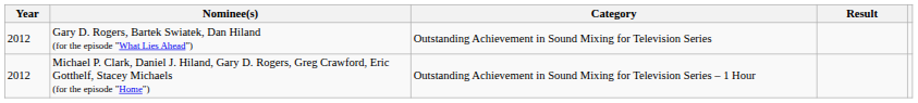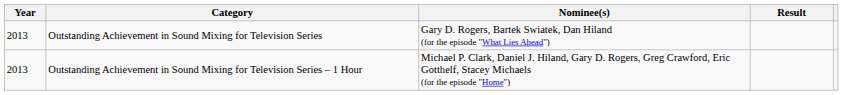 <table class="wikitable" width=100%>
 <tr>
 <th width=5%>Year</th>
+<th width=45%>Category</th>
 <th width=40%>Nominee(s)</th>
-<th width=45%>Category</th>
 <th width=10%>Result</th>
 <th width=5%></th>
 </tr>
 <tr>
-<td rowspan=1>2012</td>
+<td rowspan=1>2013</td>
+<td>Outstanding Achievement in Sound Mixing for Television Series</td>
 <td>Gary D. Rogers, Bartek Swiatek, Dan Hiland <br><small> (for the episode "<a href='#'>What Lies Ahead</a>") </small></td>
-<td>Outstanding Achievement in Sound Mixing for Television Series</td>
 <td></td>
 <td></td>
 </tr>
 <tr>
-<td>2012</td>
+<td>2013</td>
+<td>Outstanding Achievement in Sound Mixing for Television Series – 1 Hour</td>
 <td>Michael P. Clark, Daniel J. Hiland, Gary D. Rogers, Greg Crawford, Eric Gotthelf, Stacey Michaels <br><small> (for the episode "<a href='#'>Home</a>") </small></td>
-<td>Outstanding Achievement in Sound Mixing for Television Series – 1 Hour</td>
 <td></td>
 <td></td>
 </tr>
 </table>
